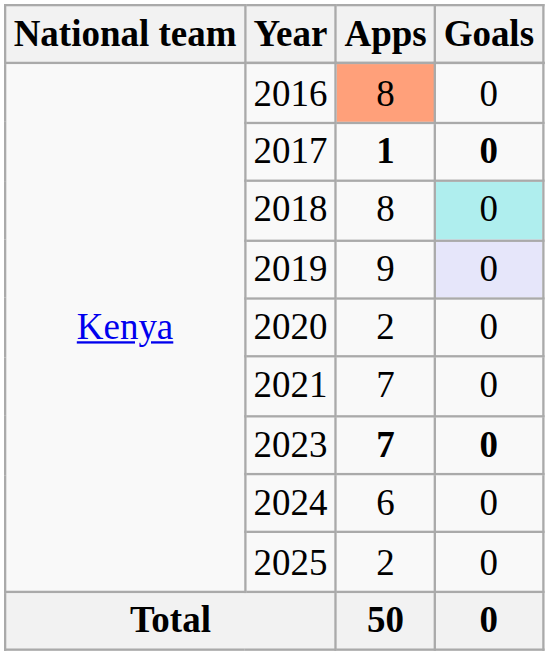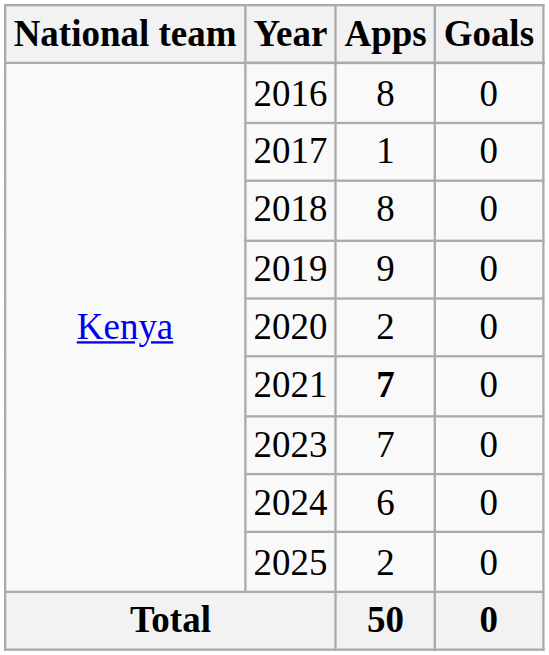 <table class="wikitable" style="text-align:center">
 <tr>
 <th>National team</th>
 <th>Year</th>
 <th>Apps</th>
 <th>Goals</th>
 </tr>
 <tr>
 <td rowspan=10><a href='#'>Kenya</a></td>
 </tr>
 <tr>
 <td>2016</td>
-<td style="background: lightsalmon;">8</td>
+<td>8</td>
 <td>0</td>
 </tr>
 <tr>
 <td>2017</td>
-<td><strong>1</strong></td>
-<td><strong>0</strong></td>
+<td>1</td>
+<td>0</td>
 </tr>
 <tr>
 <td>2018</td>
 <td>8</td>
-<td style="background: paleturquoise;">0</td>
+<td>0</td>
 </tr>
 <tr>
 <td>2019</td>
 <td>9</td>
-<td style="background: lavender;">0</td>
+<td>0</td>
 </tr>
 <tr>
 <td>2020</td>
 <td>2</td>
 <td>0</td>
 </tr>
 <tr>
 <td>2021</td>
-<td>7</td>
+<td><strong>7</strong></td>
 <td>0</td>
 </tr>
 <tr>
 <td>2023</td>
-<td><strong>7</strong></td>
-<td><strong>0</strong></td>
+<td>7</td>
+<td>0</td>
 </tr>
 <tr>
 <td>2024</td>
 <td>6</td>
 <td>0</td>
 </tr>
 <tr>
 <td>2025</td>
 <td>2</td>
 <td>0</td>
 </tr>
 <tr>
 <th colspan="2">Total</th>
 <th>50</th>
 <th>0</th>
 </tr>
 </table>
